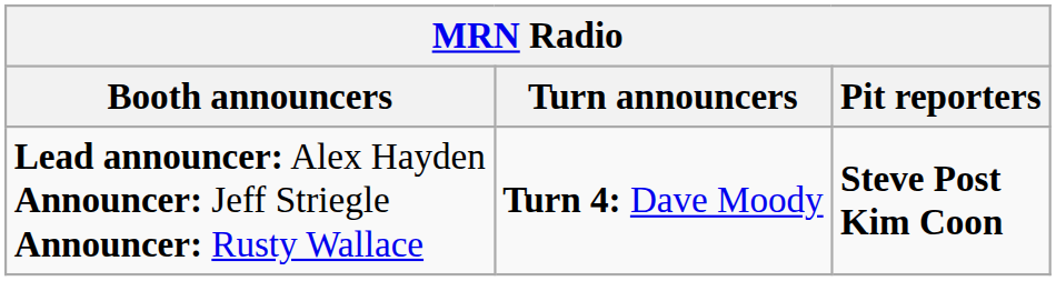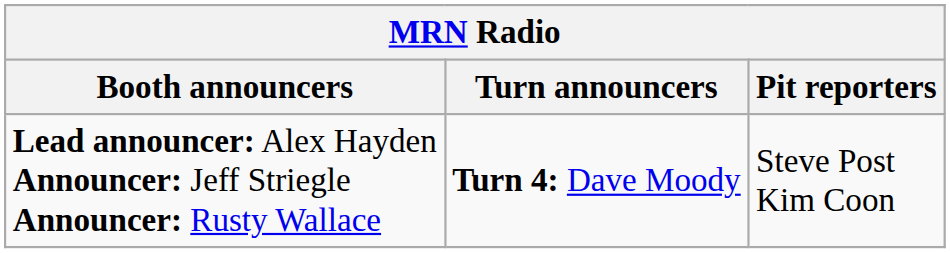 <table class="wikitable" style="font-size: 95%;">
 <tr>
 <th colspan="3"><a href='#'>MRN</a> Radio</th>
 </tr>
 <tr>
 <th>Booth announcers</th>
 <th>Turn announcers</th>
 <th>Pit reporters</th>
 </tr>
 <tr>
 <td><strong>Lead announcer:</strong> Alex Hayden<br><strong>Announcer:</strong> Jeff Striegle<br><strong>Announcer:</strong> <a href='#'>Rusty Wallace</a></td>
 <td><strong>Turn 4:</strong> <a href='#'>Dave Moody</a></td>
-<td><strong>Steve Post<br>Kim Coon</strong></td>
+<td>Steve Post<br>Kim Coon</td>
 </tr>
 </table>
